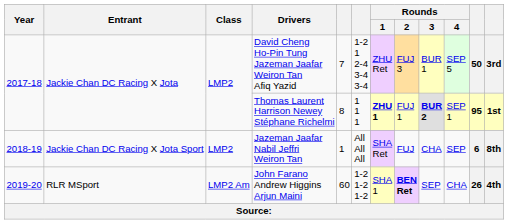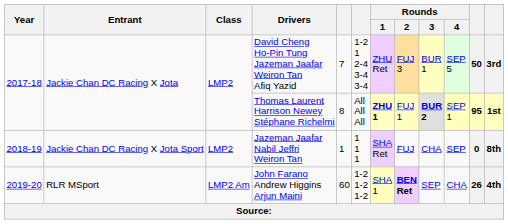 <table class="wikitable">
 <tr>
 <th rowspan="2">Year</th>
 <th rowspan="2">Entrant</th>
 <th rowspan="2">Class</th>
 <th rowspan="2">Drivers</th>
 <th rowspan="2"></th>
 <th rowspan="2"></th>
 <th colspan="4">Rounds</th>
 <th rowspan="2"></th>
 <th rowspan="2"></th>
 </tr>
 <tr>
 <th>1</th>
 <th>2</th>
 <th>3</th>
 <th>4</th>
 </tr>
 <tr>
 <td rowspan="2"><a href='#'>2017-18</a></td>
 <td rowspan="2"> <a href='#'>Jackie Chan DC Racing</a> X <a href='#'>Jota</a></td>
 <td rowspan="2"><a href='#'>LMP2</a></td>
 <td> <a href='#'>David Cheng</a><br> <a href='#'>Ho-Pin Tung</a><br> <a href='#'>Jazeman Jaafar</a><br> <a href='#'>Weiron Tan</a><br> Afiq Yazid</td>
 <td>7</td>
 <td>1-2<br>1<br>2-4<br>3-4<br>3-4</td>
 <td style="background:#EFCFFF;"><a href='#'>ZHU</a><br>Ret</td>
 <td style="background:#FFDF9F;”"><a href='#'>FUJ</a><br>3</td>
 <td style="background:#FFFFBF;”"><a href='#'>BUR</a><br>1</td>
 <td style="background:#DFFFDF;"><a href='#'>SEP</a><br>5</td>
 <th>50</th>
 <th>3rd</th>
 </tr>
 <tr>
 <td> <a href='#'>Thomas Laurent</a><br> <a href='#'>Harrison Newey</a><br> <a href='#'>Stéphane Richelmi</a></td>
 <td>8</td>
-<td>1<br>1<br>1</td>
+<td>All<br>All<br>All</td>
 <td style="background:#FFFFBF;”"><strong><a href='#'>ZHU</a><br>1</strong></td>
 <td style="background:#FFFFBF;”"><a href='#'>FUJ</a><br>1</td>
 <td style="background:#DFDFDF;”"><strong><a href='#'>BUR</a><br>2</strong></td>
 <td style="background:#FFFFBF;”"><a href='#'>SEP</a><br>1</td>
 <th style="background:#FFFFBF;”">95</th>
 <th style="background:#FFFFBF;”">1st</th>
 </tr>
 <tr>
 <td><a href='#'>2018-19</a></td>
 <td> <a href='#'>Jackie Chan DC Racing</a> X <a href='#'>Jota Sport</a></td>
 <td><a href='#'>LMP2</a></td>
 <td> <a href='#'>Jazeman Jaafar</a><br> <a href='#'>Nabil Jeffri</a><br> <a href='#'>Weiron Tan</a></td>
 <td>1</td>
-<td>All<br>All<br>All</td>
+<td>1<br>1<br>1</td>
 <td style="background:#EFCFFF;"><a href='#'>SHA</a><br>Ret</td>
 <td><a href='#'>FUJ</a><br></td>
 <td><a href='#'>CHA</a><br></td>
 <td><a href='#'>SEP</a><br></td>
-<th>6</th>
+<th>0</th>
 <th>8th</th>
 </tr>
 <tr>
 <td><a href='#'>2019-20</a></td>
 <td> RLR MSport</td>
 <td><a href='#'>LMP2 Am</a></td>
 <td> <a href='#'>John Farano</a><br> Andrew Higgins<br> <a href='#'>Arjun Maini</a></td>
 <td>60</td>
 <td>1-2<br>1-2<br>1-2</td>
 <td style="background:#FFFFBF;”"><a href='#'>SHA</a><br>1</td>
 <td style="background:#EFCFFF;"><a href='#'><strong>BEN</strong></a><br><strong>Ret</strong></td>
 <td><a href='#'>SEP</a><br></td>
 <td><a href='#'>CHA</a><br></td>
 <th>26</th>
 <th>4th</th>
 </tr>
 <tr>
 <th colspan="12">Source:</th>
 </tr>
 </table>
